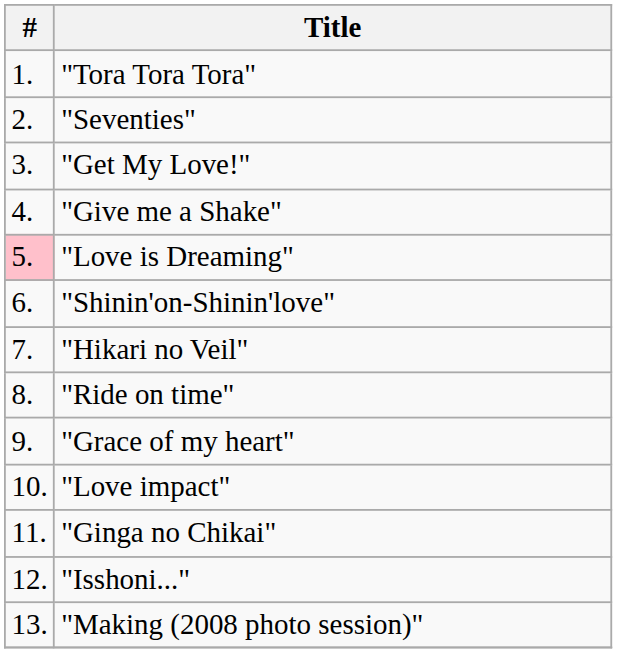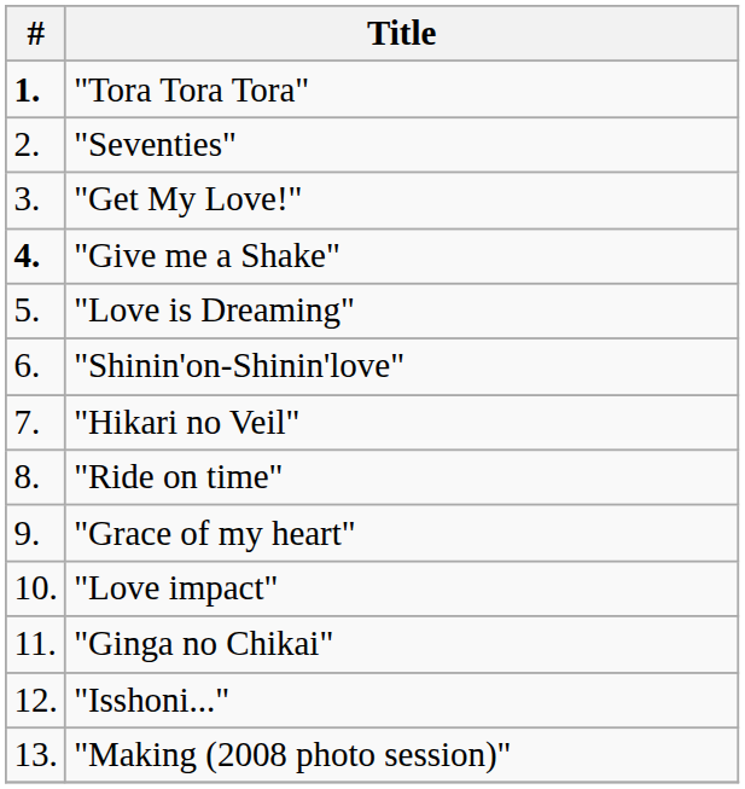 <table class="wikitable">
 <tr>
 <th>#</th>
 <th width="300">Title</th>
 </tr>
 <tr>
-<td>1.</td>
+<td><strong>1.</strong></td>
 <td>"Tora Tora Tora"</td>
 </tr>
 <tr>
 <td>2.</td>
 <td>"Seventies"</td>
 </tr>
 <tr>
 <td>3.</td>
 <td>"Get My Love!"</td>
 </tr>
 <tr>
-<td>4.</td>
+<td><strong>4.</strong></td>
 <td>"Give me a Shake"</td>
 </tr>
 <tr>
-<td style="background: pink;">5.</td>
+<td>5.</td>
 <td>"Love is Dreaming"</td>
 </tr>
 <tr>
 <td>6.</td>
 <td>"Shinin'on-Shinin'love"</td>
 </tr>
 <tr>
 <td>7.</td>
 <td>"Hikari no Veil"</td>
 </tr>
 <tr>
 <td>8.</td>
 <td>"Ride on time"</td>
 </tr>
 <tr>
 <td>9.</td>
 <td>"Grace of my heart"</td>
 </tr>
 <tr>
 <td>10.</td>
 <td>"Love impact"</td>
 </tr>
 <tr>
 <td>11.</td>
 <td>"Ginga no Chikai"</td>
 </tr>
 <tr>
 <td>12.</td>
 <td>"Isshoni..."</td>
 </tr>
 <tr>
 <td>13.</td>
 <td>"Making (2008 photo session)"</td>
 </tr>
 <tr>
 </tr>
 </table>
